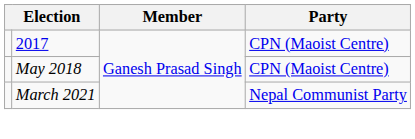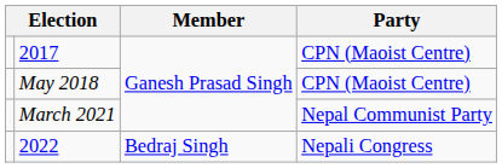 <table class="wikitable">
 <tr>
 <th colspan="2">Election</th>
 <th>Member</th>
 <th>Party</th>
 </tr>
 <tr>
 <td style="color:inherit;background:"></td>
 <td><a href='#'>2017</a></td>
 <td rowspan="3"><a href='#'>Ganesh Prasad Singh</a></td>
 <td><a href='#'>CPN (Maoist Centre)</a></td>
 </tr>
 <tr>
 <td style="color:inherit;background:"></td>
 <td><em>May 2018</em></td>
 <td><a href='#'>CPN (Maoist Centre)</a></td>
 </tr>
 <tr>
 <td style="color:inherit;background:"></td>
 <td><em>March 2021</em></td>
 <td><a href='#'>Nepal Communist Party</a></td>
 </tr>
+<tr>
+<td style="color:inherit;background:"></td>
+<td><a href='#'>2022</a></td>
+<td><a href='#'>Bedraj Singh</a></td>
+<td><a href='#'>Nepali Congress</a></td>
+</tr>
 </table>
